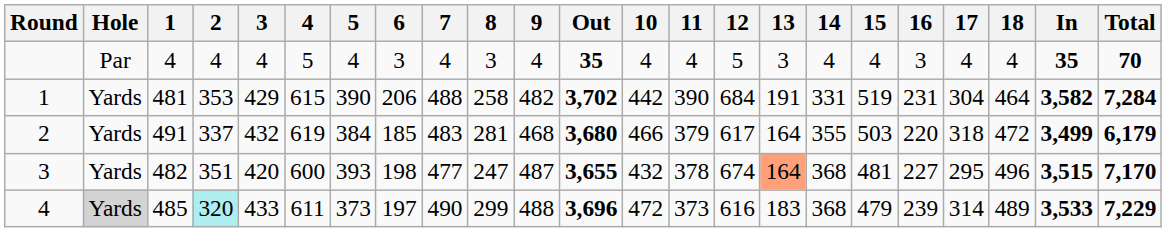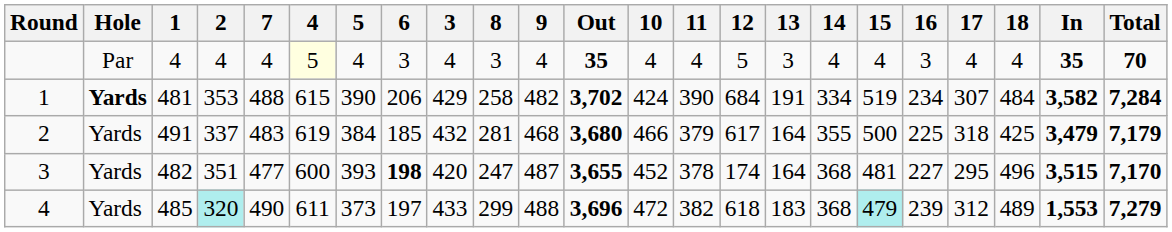 <table class="wikitable" style="text-align:center">
 <tr>
 <th>Round</th>
 <th align="left">Hole</th>
 <th>1</th>
 <th>2</th>
-<th>3</th>
+<th>7</th>
 <th>4</th>
 <th>5</th>
 <th>6</th>
-<th>7</th>
+<th>3</th>
 <th>8</th>
 <th>9</th>
 <th>Out</th>
 <th>10</th>
 <th>11</th>
 <th>12</th>
 <th>13</th>
 <th>14</th>
 <th>15</th>
 <th>16</th>
 <th>17</th>
 <th>18</th>
 <th>In</th>
 <th>Total</th>
 </tr>
 <tr>
 <td></td>
 <td>Par</td>
 <td>4</td>
 <td>4</td>
 <td>4</td>
-<td>5</td>
+<td style="background: lightyellow;">5</td>
 <td>4</td>
 <td>3</td>
 <td>4</td>
 <td>3</td>
 <td>4</td>
 <td><strong>35</strong></td>
 <td>4</td>
 <td>4</td>
 <td>5</td>
 <td>3</td>
 <td>4</td>
 <td>4</td>
 <td>3</td>
 <td>4</td>
 <td>4</td>
 <td><strong>35</strong></td>
 <td><strong>70</strong></td>
 </tr>
 <tr>
 <td>1</td>
-<td align="left">Yards</td>
+<td align="left"><strong>Yards</strong></td>
 <td>481</td>
 <td>353</td>
-<td>429</td>
+<td>488</td>
 <td>615</td>
 <td>390</td>
 <td>206</td>
-<td>488</td>
+<td>429</td>
 <td>258</td>
 <td>482</td>
 <td><strong>3,702</strong></td>
-<td>442</td>
+<td>424</td>
 <td>390</td>
 <td>684</td>
 <td>191</td>
-<td>331</td>
+<td>334</td>
 <td>519</td>
-<td>231</td>
-<td>304</td>
-<td>464</td>
+<td>234</td>
+<td>307</td>
+<td>484</td>
 <td><strong>3,582</strong></td>
 <td><strong>7,284</strong></td>
 </tr>
 <tr>
 <td>2</td>
 <td align="left">Yards</td>
 <td>491</td>
 <td>337</td>
-<td>432</td>
+<td>483</td>
 <td>619</td>
 <td>384</td>
 <td>185</td>
-<td>483</td>
+<td>432</td>
 <td>281</td>
 <td>468</td>
 <td><strong>3,680</strong></td>
 <td>466</td>
 <td>379</td>
 <td>617</td>
 <td>164</td>
 <td>355</td>
-<td>503</td>
-<td>220</td>
+<td>500</td>
+<td>225</td>
 <td>318</td>
-<td>472</td>
-<td><strong>3,499</strong></td>
-<td><strong>6,179</strong></td>
+<td>425</td>
+<td><strong>3,479</strong></td>
+<td><strong>7,179</strong></td>
 </tr>
 <tr>
 <td>3</td>
 <td align="left">Yards</td>
 <td>482</td>
 <td>351</td>
-<td>420</td>
+<td>477</td>
 <td>600</td>
 <td>393</td>
-<td>198</td>
-<td>477</td>
+<td><strong>198</strong></td>
+<td>420</td>
 <td>247</td>
 <td>487</td>
 <td><strong>3,655</strong></td>
-<td>432</td>
+<td>452</td>
 <td>378</td>
-<td>674</td>
-<td style="background: lightsalmon;">164</td>
+<td>174</td>
+<td>164</td>
 <td>368</td>
 <td>481</td>
 <td>227</td>
 <td>295</td>
 <td>496</td>
 <td><strong>3,515</strong></td>
 <td><strong>7,170</strong></td>
 </tr>
 <tr>
 <td>4</td>
-<td align="left" style="background: lightgrey;">Yards</td>
+<td align="left">Yards</td>
 <td>485</td>
 <td style="background: paleturquoise;">320</td>
-<td>433</td>
+<td>490</td>
 <td>611</td>
 <td>373</td>
 <td>197</td>
-<td>490</td>
+<td>433</td>
 <td>299</td>
 <td>488</td>
 <td><strong>3,696</strong></td>
 <td>472</td>
-<td>373</td>
-<td>616</td>
+<td>382</td>
+<td>618</td>
 <td>183</td>
 <td>368</td>
-<td>479</td>
+<td style="background: paleturquoise;">479</td>
 <td>239</td>
-<td>314</td>
+<td>312</td>
 <td>489</td>
-<td><strong>3,533</strong></td>
-<td><strong>7,229</strong></td>
+<td><strong>1,553</strong></td>
+<td><strong>7,279</strong></td>
 </tr>
 </table>
